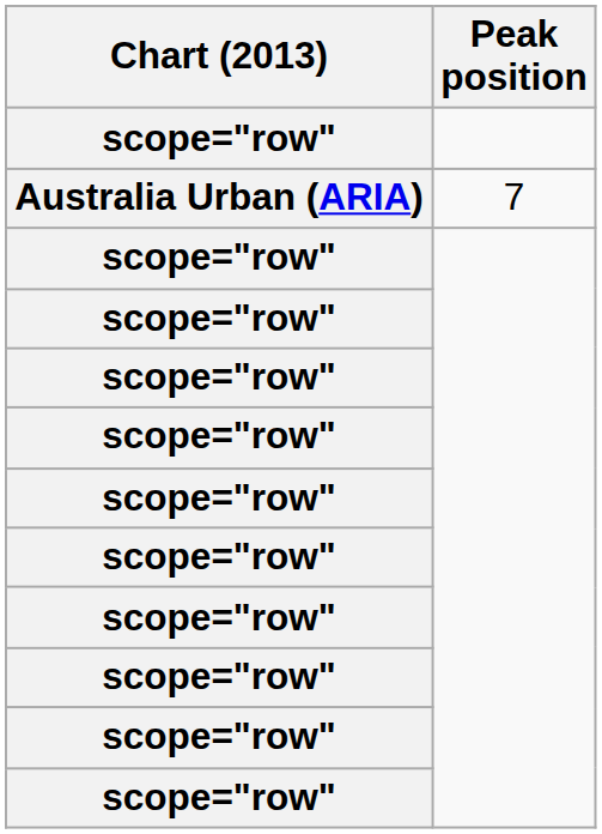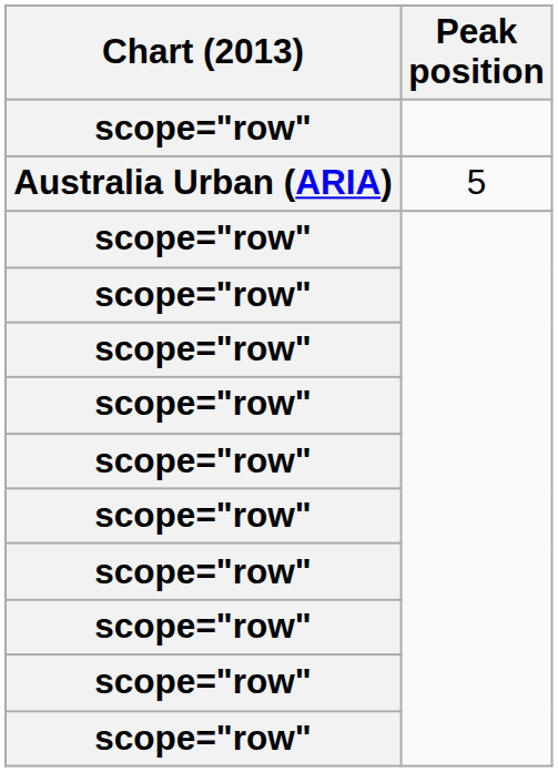 <table class="wikitable sortable plainrowheaders">
 <tr>
 <th scope="col">Chart (2013)</th>
 <th scope="col">Peak<br>position</th>
 </tr>
 <tr>
 <th>scope="row"</th>
 </tr>
 <tr>
 <th scope="row">Australia Urban (<a href='#'>ARIA</a>)</th>
-<td style="text-align:center;">7</td>
+<td style="text-align:center;">5</td>
 </tr>
 <tr>
 <th>scope="row"</th>
 </tr>
 <tr>
 <th>scope="row"</th>
 </tr>
 <tr>
 <th>scope="row"</th>
 </tr>
 <tr>
 <th>scope="row"</th>
 </tr>
 <tr>
 <th>scope="row"</th>
 </tr>
 <tr>
 <th>scope="row" </th>
 </tr>
 <tr>
 <th>scope="row" </th>
 </tr>
 <tr>
 <th>scope="row" </th>
 </tr>
 <tr>
 <th>scope="row"</th>
 </tr>
 <tr>
 <th>scope="row"</th>
 </tr>
 </table>
